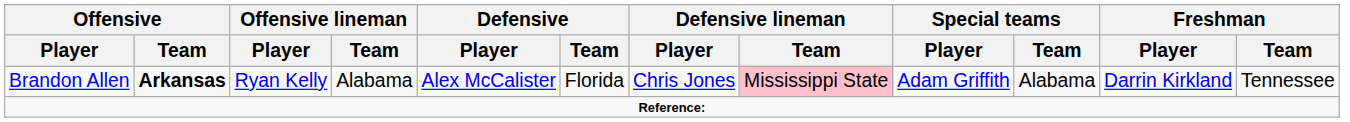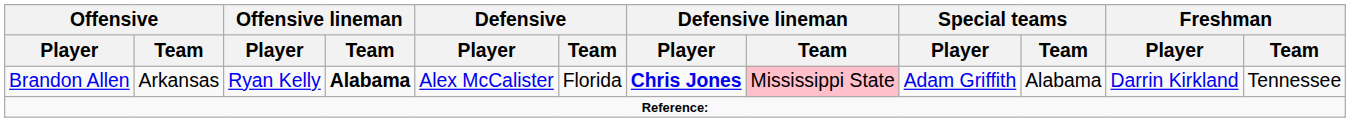 <table class="wikitable">
 <tr>
 <th colspan="2">Offensive</th>
 <th colspan="2">Offensive lineman</th>
 <th colspan="2">Defensive</th>
 <th colspan="2">Defensive lineman</th>
 <th colspan="2">Special teams</th>
 <th colspan="2">Freshman</th>
 </tr>
 <tr>
 <th>Player</th>
 <th>Team</th>
 <th>Player</th>
 <th>Team</th>
 <th>Player</th>
 <th>Team</th>
 <th>Player</th>
 <th>Team</th>
 <th>Player</th>
 <th>Team</th>
 <th>Player</th>
 <th>Team</th>
 </tr>
 <tr>
 <td><a href='#'>Brandon Allen</a></td>
-<td><strong>Arkansas</strong></td>
+<td>Arkansas</td>
 <td><a href='#'>Ryan Kelly</a></td>
-<td>Alabama</td>
+<td><strong>Alabama</strong></td>
 <td><a href='#'>Alex McCalister</a></td>
 <td>Florida</td>
-<td><a href='#'>Chris Jones</a></td>
+<td><strong><a href='#'>Chris Jones</a></strong></td>
 <td style="background: pink;">Mississippi State</td>
 <td><a href='#'>Adam Griffith</a></td>
 <td>Alabama</td>
 <td><a href='#'>Darrin Kirkland</a></td>
 <td>Tennessee</td>
 </tr>
 <tr>
 <td colspan="12"  style="font-size:8pt; text-align:center;"><strong>Reference:</strong></td>
 </tr>
 </table>
